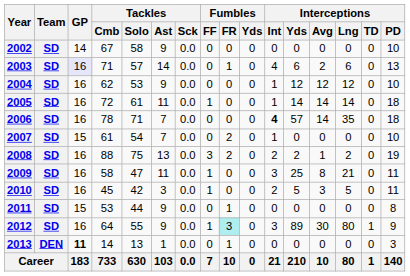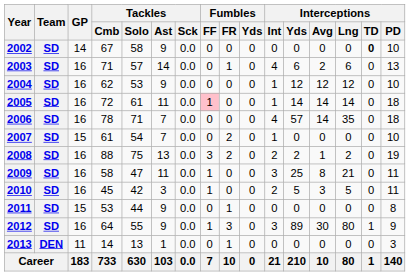 <table class="wikitable" style="text-align: center;">
 <tr>
 <th rowspan="2">Year</th>
 <th rowspan="2">Team</th>
 <th rowspan="2">GP</th>
 <th colspan="4">Tackles</th>
 <th colspan="3">Fumbles</th>
 <th colspan="6">Interceptions</th>
 </tr>
 <tr>
 <th>Cmb</th>
 <th>Solo</th>
 <th>Ast</th>
 <th>Sck</th>
 <th>FF</th>
 <th>FR</th>
 <th>Yds</th>
 <th>Int</th>
 <th>Yds</th>
 <th>Avg</th>
 <th>Lng</th>
 <th>TD</th>
 <th>PD</th>
 </tr>
 <tr>
 <th><a href='#'>2002</a></th>
 <th><a href='#'>SD</a></th>
 <td>14</td>
 <td>67</td>
 <td>58</td>
 <td>9</td>
 <td>0.0</td>
 <td>0</td>
 <td>0</td>
 <td>0</td>
 <td>0</td>
 <td>0</td>
 <td>0</td>
 <td>0</td>
-<td>0</td>
+<td><strong>0</strong></td>
 <td>10</td>
 </tr>
 <tr>
 <th><a href='#'>2003</a></th>
 <th><a href='#'>SD</a></th>
-<td style="background: lavender;">16</td>
+<td>16</td>
 <td>71</td>
 <td>57</td>
 <td>14</td>
 <td>0.0</td>
 <td>0</td>
 <td>1</td>
 <td>0</td>
 <td>4</td>
 <td>6</td>
 <td>2</td>
 <td>6</td>
 <td>0</td>
 <td>13</td>
 </tr>
 <tr>
 <th><a href='#'>2004</a></th>
 <th><a href='#'>SD</a></th>
 <td>16</td>
 <td>62</td>
 <td>53</td>
 <td>9</td>
 <td>0.0</td>
 <td>0</td>
 <td>0</td>
 <td>0</td>
 <td>1</td>
 <td>12</td>
 <td>12</td>
 <td>12</td>
 <td>0</td>
 <td>10</td>
 </tr>
 <tr>
 <th><a href='#'>2005</a></th>
 <th><a href='#'>SD</a></th>
 <td>16</td>
 <td>72</td>
 <td>61</td>
 <td>11</td>
 <td>0.0</td>
-<td>1</td>
+<td style="background: pink;">1</td>
 <td>0</td>
 <td>0</td>
 <td>1</td>
 <td>14</td>
 <td>14</td>
 <td>14</td>
 <td>0</td>
 <td>18</td>
 </tr>
 <tr>
 <th><a href='#'>2006</a></th>
 <th><a href='#'>SD</a></th>
 <td>16</td>
 <td>78</td>
 <td>71</td>
 <td>7</td>
 <td>0.0</td>
 <td>0</td>
 <td>0</td>
 <td>0</td>
-<td><strong>4</strong></td>
+<td>4</td>
 <td>57</td>
 <td>14</td>
 <td>35</td>
 <td>0</td>
 <td>18</td>
 </tr>
 <tr>
 <th><a href='#'>2007</a></th>
 <th><a href='#'>SD</a></th>
 <td>15</td>
 <td>61</td>
 <td>54</td>
 <td>7</td>
 <td>0.0</td>
 <td>0</td>
 <td>2</td>
 <td>0</td>
 <td>1</td>
 <td>0</td>
 <td>0</td>
 <td>0</td>
 <td>0</td>
 <td>10</td>
 </tr>
 <tr>
 <th><a href='#'>2008</a></th>
 <th><a href='#'>SD</a></th>
 <td>16</td>
 <td>88</td>
 <td>75</td>
 <td>13</td>
 <td>0.0</td>
 <td>3</td>
 <td>2</td>
 <td>0</td>
 <td>2</td>
 <td>2</td>
 <td>1</td>
 <td>2</td>
 <td>0</td>
 <td>19</td>
 </tr>
 <tr>
 <th><a href='#'>2009</a></th>
 <th><a href='#'>SD</a></th>
 <td>16</td>
 <td>58</td>
 <td>47</td>
 <td>11</td>
 <td>0.0</td>
 <td>1</td>
 <td>0</td>
 <td>0</td>
 <td>3</td>
 <td>25</td>
 <td>8</td>
 <td>21</td>
 <td>0</td>
 <td>11</td>
 </tr>
 <tr>
 <th><a href='#'>2010</a></th>
 <th><a href='#'>SD</a></th>
 <td>16</td>
 <td>45</td>
 <td>42</td>
 <td>3</td>
 <td>0.0</td>
 <td>1</td>
 <td>0</td>
 <td>0</td>
 <td>2</td>
 <td>5</td>
 <td>3</td>
 <td>5</td>
 <td>0</td>
 <td>11</td>
 </tr>
 <tr>
 <th><a href='#'>2011</a></th>
 <th><a href='#'>SD</a></th>
 <td>15</td>
 <td>53</td>
 <td>44</td>
 <td>9</td>
 <td>0.0</td>
 <td>0</td>
 <td>1</td>
 <td>0</td>
 <td>0</td>
 <td>0</td>
 <td>0</td>
 <td>0</td>
 <td>0</td>
 <td>8</td>
 </tr>
 <tr>
 <th><a href='#'>2012</a></th>
 <th><a href='#'>SD</a></th>
 <td>16</td>
 <td>64</td>
 <td>55</td>
 <td>9</td>
 <td>0.0</td>
 <td>1</td>
-<td style="background: paleturquoise;">3</td>
+<td>3</td>
 <td>0</td>
 <td>3</td>
 <td>89</td>
 <td>30</td>
 <td>80</td>
 <td>1</td>
 <td>9</td>
 </tr>
 <tr>
 <th><a href='#'>2013</a></th>
 <th><a href='#'>DEN</a></th>
-<td><strong>11</strong></td>
+<td>11</td>
 <td>14</td>
 <td>13</td>
 <td>1</td>
 <td>0.0</td>
 <td>0</td>
 <td>1</td>
 <td>0</td>
 <td>0</td>
 <td>0</td>
 <td>0</td>
 <td>0</td>
 <td>0</td>
 <td>3</td>
 </tr>
 <tr>
 <th colspan="2">Career</th>
 <th>183</th>
 <th>733</th>
 <th>630</th>
 <th>103</th>
 <th>0.0</th>
 <th>7</th>
 <th>10</th>
 <th>0</th>
 <th>21</th>
 <th>210</th>
 <th>10</th>
 <th>80</th>
 <th>1</th>
 <th>140</th>
 </tr>
 </table>
